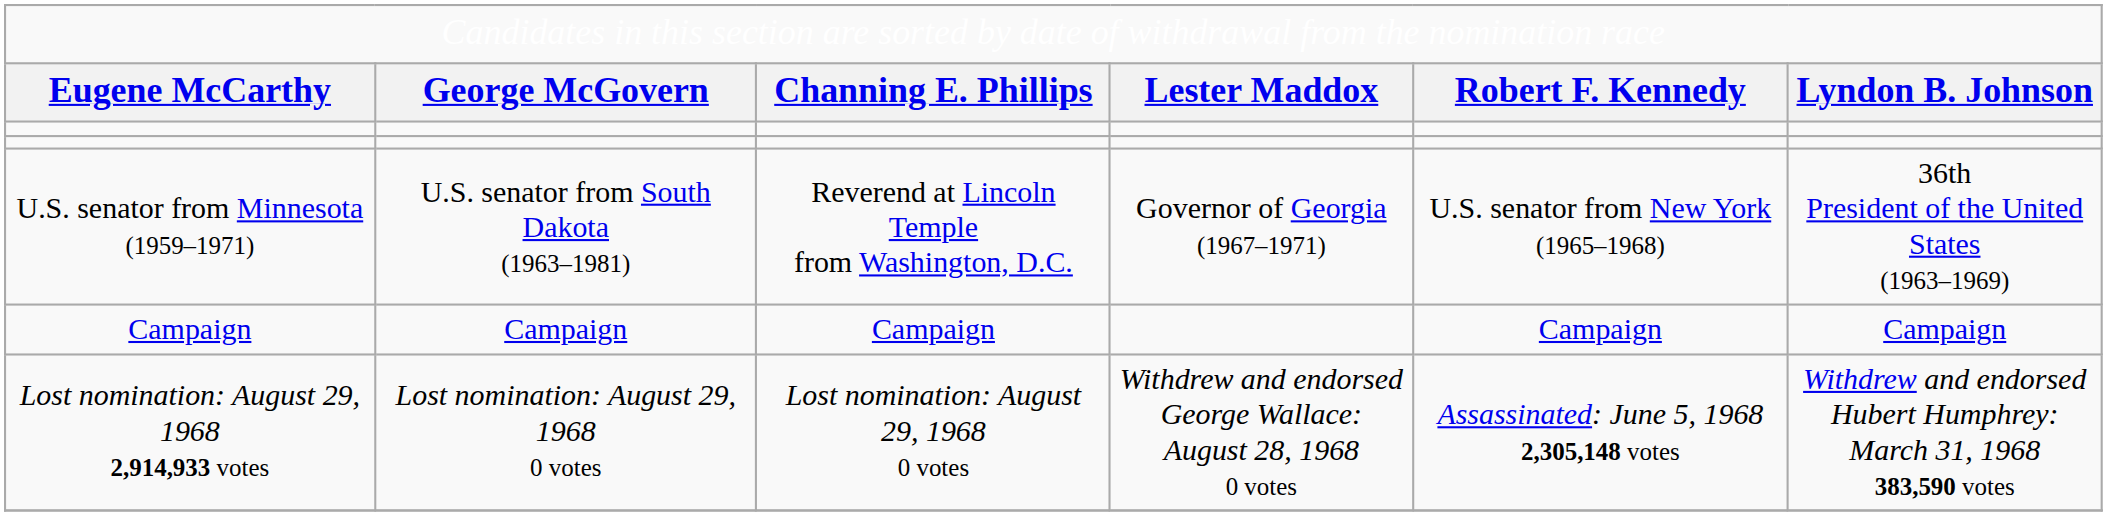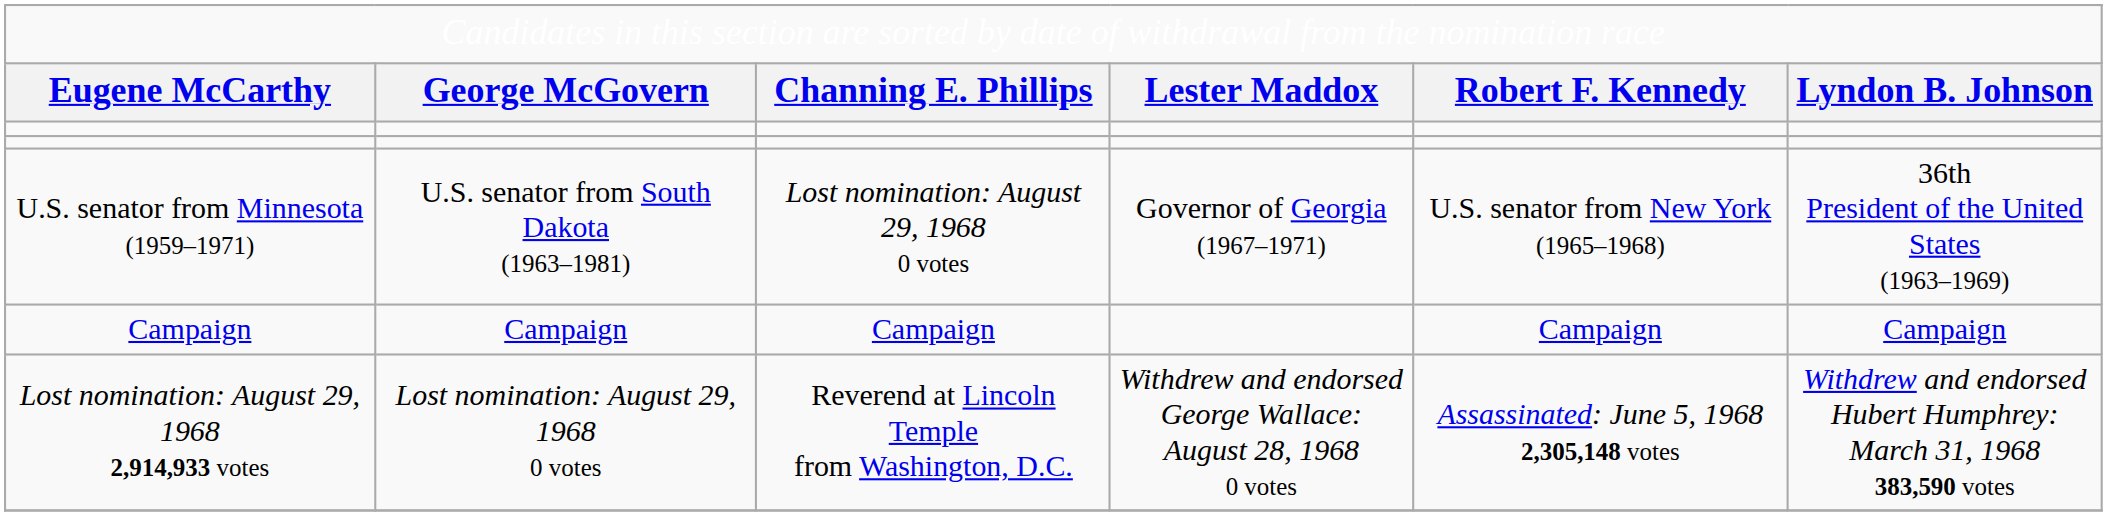 <table class="wikitable" style="font-size:90%">
 <tr>
 <td colspan="9" style="text-align:center; width:1000px; font-size:120%; color:white; background:"><em>Candidates in this section are sorted by date of withdrawal from the nomination race</em></td>
 </tr>
 <tr>
 <th scope="col" style="width:3em; font-size:120%;"><a href='#'>Eugene McCarthy</a></th>
 <th scope="col" style="width:3em; font-size:120%;"><a href='#'>George McGovern</a></th>
 <th scope="col" style="width:3em; font-size:120%;"><a href='#'>Channing E. Phillips</a></th>
 <th scope="col" style="width:3em; font-size:120%;"><a href='#'>Lester Maddox</a></th>
 <th scope="col" style="width:3em; font-size:120%;"><a href='#'>Robert F. Kennedy</a></th>
 <th scope="col" style="width:3em; font-size:120%;"><a href='#'>Lyndon B. Johnson</a></th>
 </tr>
 <tr>
 <td></td>
 <td></td>
 <td></td>
 <td></td>
 <td></td>
 <td></td>
 </tr>
 <tr style="text-align:center">
 <td></td>
 <td></td>
 <td></td>
 <td></td>
 <td></td>
 <td></td>
 </tr>
 <tr style="text-align:center">
 <td>U.S. senator from <a href='#'>Minnesota</a><br><small>(1959–1971)</small></td>
 <td>U.S. senator from <a href='#'>South Dakota</a><br><small>(1963–1981)</small></td>
-<td>Reverend at <a href='#'>Lincoln Temple</a><br>from <a href='#'>Washington, D.C.</a></td>
+<td><em>Lost nomination: August 29, 1968</em><br><small>0 votes</small></td>
 <td>Governor of <a href='#'>Georgia</a><br><small>(1967–1971)</small></td>
 <td>U.S. senator from <a href='#'>New York</a><br><small>(1965–1968)</small></td>
 <td>36th <br> <a href='#'>President of the United States</a><br><small>(1963–1969)</small></td>
 </tr>
 <tr style="text-align:center">
 <td><a href='#'>Campaign</a></td>
 <td><a href='#'>Campaign</a></td>
 <td><a href='#'>Campaign</a></td>
 <td></td>
 <td><a href='#'>Campaign</a></td>
 <td><a href='#'>Campaign</a></td>
 </tr>
 <tr style="text-align:center">
 <td><em>Lost nomination: August 29, 1968</em><br><small><strong>2,914,933</strong> votes</small></td>
 <td><em>Lost nomination: August 29, 1968</em><br><small>0 votes</small></td>
-<td><em>Lost nomination: August 29, 1968</em><br><small>0 votes</small></td>
+<td>Reverend at <a href='#'>Lincoln Temple</a><br>from <a href='#'>Washington, D.C.</a></td>
 <td><em>Withdrew and endorsed George Wallace: August 28, 1968</em><br><small>0 votes</small></td>
 <td><em><a href='#'>Assassinated</a>: June 5, 1968</em><br><small><strong>2,305,148</strong> votes</small></td>
 <td><em><a href='#'>Withdrew</a> and endorsed Hubert Humphrey: March 31, 1968</em><br><small><strong>383,590</strong> votes</small></td>
 </tr>
 <tr>
 </tr>
 </table>
